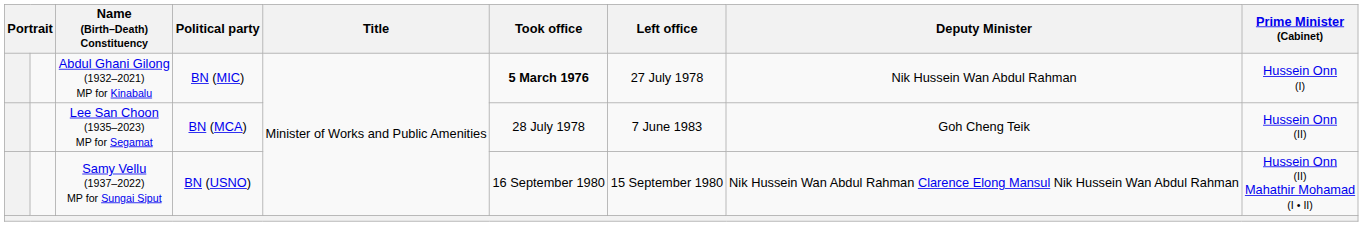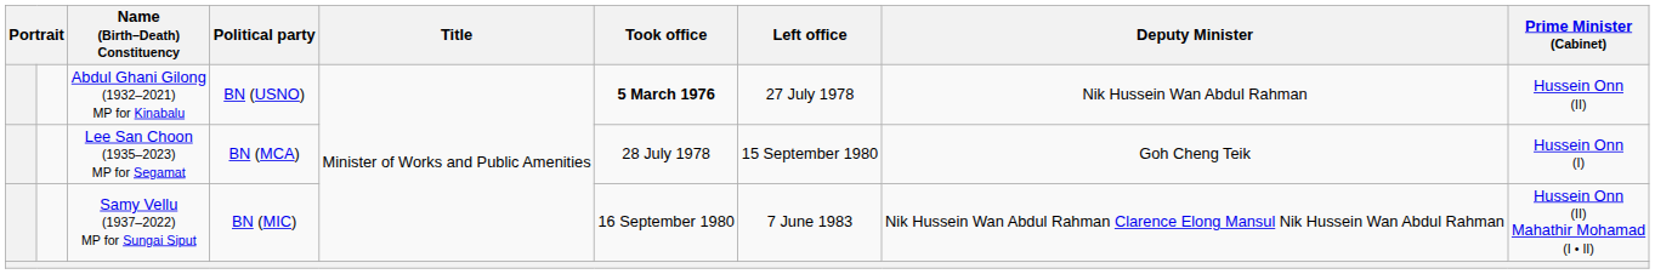 <table class="wikitable" style="text-align:center;">
 <tr>
 <th colspan=2>Portrait</th>
 <th>Name<br><small>(Birth–Death)<br>Constituency</small></th>
 <th>Political party</th>
 <th>Title</th>
 <th>Took office</th>
 <th>Left office</th>
 <th>Deputy Minister</th>
 <th><a href='#'>Prime Minister</a><br><small>(Cabinet)</small></th>
 </tr>
 <tr>
 <th style="background:"></th>
 <td></td>
 <td><a href='#'>Abdul Ghani Gilong</a><br><small>(1932–2021)<br>MP for <a href='#'>Kinabalu</a></small></td>
-<td><a href='#'>BN</a> (<a href='#'>MIC</a>)</td>
+<td><a href='#'>BN</a> (<a href='#'>USNO</a>)</td>
 <td rowspan=3>Minister of Works and Public Amenities</td>
 <td><strong>5 March 1976</strong></td>
 <td>27 July 1978</td>
 <td>Nik Hussein Wan Abdul Rahman</td>
-<td><a href='#'>Hussein Onn</a><br><small>(I)</small></td>
+<td><a href='#'>Hussein Onn</a><br><small>(II)</small></td>
 </tr>
 <tr>
 <th style="background:"></th>
 <td></td>
 <td><a href='#'>Lee San Choon</a><br><small>(1935–2023)<br>MP for <a href='#'>Segamat</a></small></td>
 <td><a href='#'>BN</a> (<a href='#'>MCA</a>)</td>
 <td>28 July 1978</td>
-<td>7 June 1983</td>
+<td>15 September 1980</td>
 <td>Goh Cheng Teik</td>
-<td><a href='#'>Hussein Onn</a><br><small>(II)</small></td>
+<td><a href='#'>Hussein Onn</a><br><small>(I)</small></td>
 </tr>
 <tr>
 <th style="background:"></th>
 <td></td>
 <td><a href='#'>Samy Vellu</a><br><small>(1937–2022)<br>MP for <a href='#'>Sungai Siput</a></small></td>
-<td><a href='#'>BN</a> (<a href='#'>USNO</a>)</td>
+<td><a href='#'>BN</a> (<a href='#'>MIC</a>)</td>
 <td>16 September 1980</td>
-<td>15 September 1980</td>
+<td>7 June 1983</td>
 <td>Nik Hussein Wan Abdul Rahman <a href='#'>Clarence Elong Mansul</a>  Nik Hussein Wan Abdul Rahman </td>
 <td><a href='#'>Hussein Onn</a><br><small>(II)</small><br><a href='#'>Mahathir Mohamad</a><br><small>(I • II)</small></td>
 </tr>
 <tr>
 <th colspan="9" bgcolor="cccccc"></th>
 </tr>
 </table>
